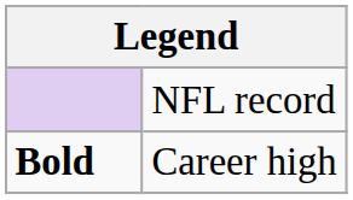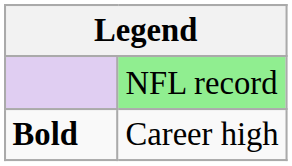 <table class="wikitable mw-collapsible mw-collapsed">
 <tr>
 <th colspan="2">Legend</th>
 </tr>
 <tr>
 <td style="background:#e0cef2; width:3em;"></td>
-<td>NFL record</td>
+<td style="background: lightgreen;">NFL record</td>
 </tr>
 <tr>
 <td><strong>Bold</strong></td>
 <td>Career high</td>
 </tr>
 </table>
